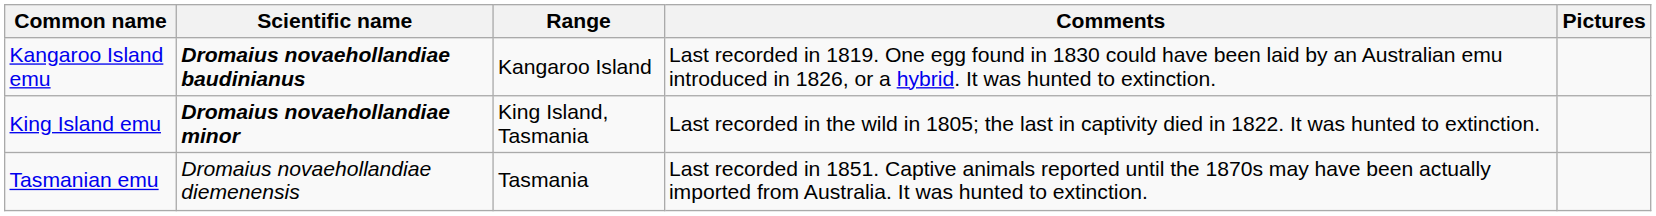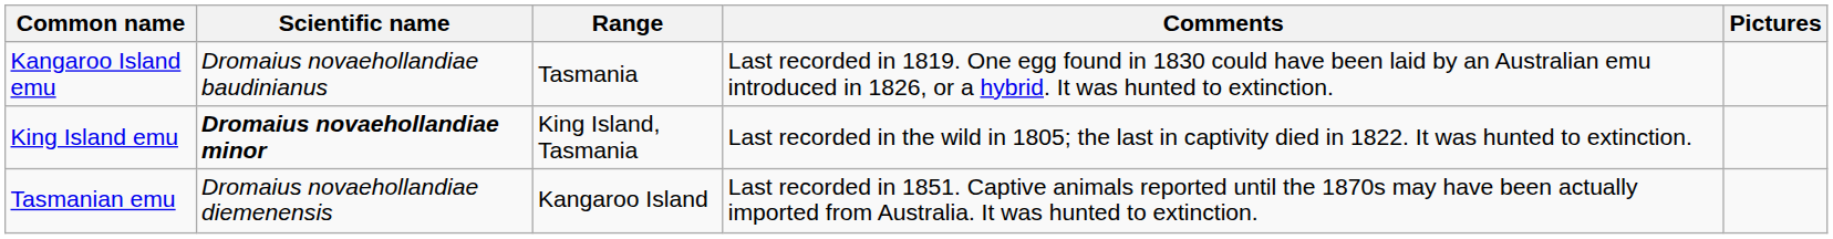 <table class="wikitable">
 <tr>
 <th>Common name</th>
 <th>Scientific name</th>
 <th>Range</th>
 <th class="unsortable">Comments</th>
 <th class="unsortable">Pictures</th>
 </tr>
 <tr>
 <td><a href='#'>Kangaroo Island emu</a></td>
-<td><strong><em>Dromaius novaehollandiae baudinianus</em></strong></td>
-<td>Kangaroo Island</td>
+<td><em>Dromaius novaehollandiae baudinianus</em></td>
+<td>Tasmania</td>
 <td>Last recorded in 1819. One egg found in 1830 could have been laid by an Australian emu introduced in 1826, or a <a href='#'>hybrid</a>. It was hunted to extinction.</td>
 <td></td>
 </tr>
 <tr>
 <td><a href='#'>King Island emu</a></td>
 <td><strong><em>Dromaius novaehollandiae minor</em></strong></td>
 <td>King Island, Tasmania</td>
 <td>Last recorded in the wild in 1805; the last in captivity died in 1822. It was hunted to extinction.</td>
 <td></td>
 </tr>
 <tr>
 <td><a href='#'>Tasmanian emu</a></td>
 <td><em>Dromaius novaehollandiae diemenensis</em></td>
-<td>Tasmania</td>
+<td>Kangaroo Island</td>
 <td>Last recorded in 1851. Captive animals reported until the 1870s may have been actually imported from Australia. It was hunted to extinction.</td>
 <td></td>
 </tr>
 </table>
